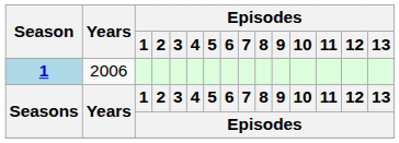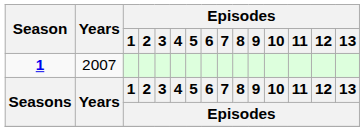 <table class="wikitable" style="text-align:center; margin:auto;">
 <tr>
 <th colspan="1" rowspan="2" style="text-align:center;">Season</th>
 <th colspan="1" rowspan="2" style="text-align:center;">Years</th>
 <th colspan="13"  style="text-align:center;">Episodes</th>
 </tr>
 <tr>
 <th colspan="1" style="text-align:center;">1</th>
 <th colspan="1" style="text-align:center;">2</th>
 <th colspan="1" style="text-align:center;">3</th>
 <th colspan="1" style="text-align:center;">4</th>
 <th colspan="1" style="text-align:center;">5</th>
 <th colspan="1" style="text-align:center;">6</th>
 <th colspan="1" style="text-align:center;">7</th>
 <th colspan="1" style="text-align:center;">8</th>
 <th colspan="1" style="text-align:center;">9</th>
 <th colspan="1" style="text-align:center;">10</th>
 <th colspan="1" style="text-align:center;">11</th>
 <th colspan="1" style="text-align:center;">12</th>
 <th colspan="1" style="text-align:center;">13</th>
 </tr>
 <tr>
-<td style="background: lightblue;"><strong><a href='#'>1</a></strong></td>
-<td>2006</td>
+<td><strong><a href='#'>1</a></strong></td>
+<td>2007</td>
 <td colspan="1" style="background:#dfd; text-align:center;"></td>
 <td colspan="1" style="background:#dfd; text-align:center;"></td>
 <td colspan="1" style="background:#dfd; text-align:center;"></td>
 <td colspan="1" style="background:#dfd; text-align:center;"></td>
 <td colspan="1" style="background:#dfd; text-align:center;"></td>
 <td colspan="1" style="background:#dfd; text-align:center;"></td>
 <td colspan="1" style="background:#dfd; text-align:center;"></td>
 <td colspan="1" style="background:#dfd; text-align:center;"></td>
 <td colspan="1" style="background:#dfd; text-align:center;"></td>
 <td colspan="1" style="background:#dfd; text-align:center;"></td>
 <td colspan="1" style="background:#dfd; text-align:center;"></td>
 <td colspan="1" style="background:#dfd; text-align:center;"></td>
 <td colspan="1" style="background:#dfd; text-align:center;"></td>
 </tr>
 <tr>
 <th rowspan="2" colspan="1" style="text-align:center;">Seasons</th>
 <th colspan="1" rowspan="2" style="text-align:center;">Years</th>
 <th colspan="1" style="text-align:center;">1</th>
 <th colspan="1" style="text-align:center;">2</th>
 <th colspan="1" style="text-align:center;">3</th>
 <th colspan="1" style="text-align:center;">4</th>
 <th colspan="1" style="text-align:center;">5</th>
 <th colspan="1" style="text-align:center;">6</th>
 <th colspan="1" style="text-align:center;">7</th>
 <th colspan="1" style="text-align:center;">8</th>
 <th colspan="1" style="text-align:center;">9</th>
 <th colspan="1" style="text-align:center;">10</th>
 <th colspan="1" style="text-align:center;">11</th>
 <th colspan="1" style="text-align:center;">12</th>
 <th colspan="1" style="text-align:center;">13</th>
 </tr>
 <tr>
 <th colspan="13"  style="text-align:center;">Episodes</th>
 </tr>
 <tr>
 </tr>
 </table>
